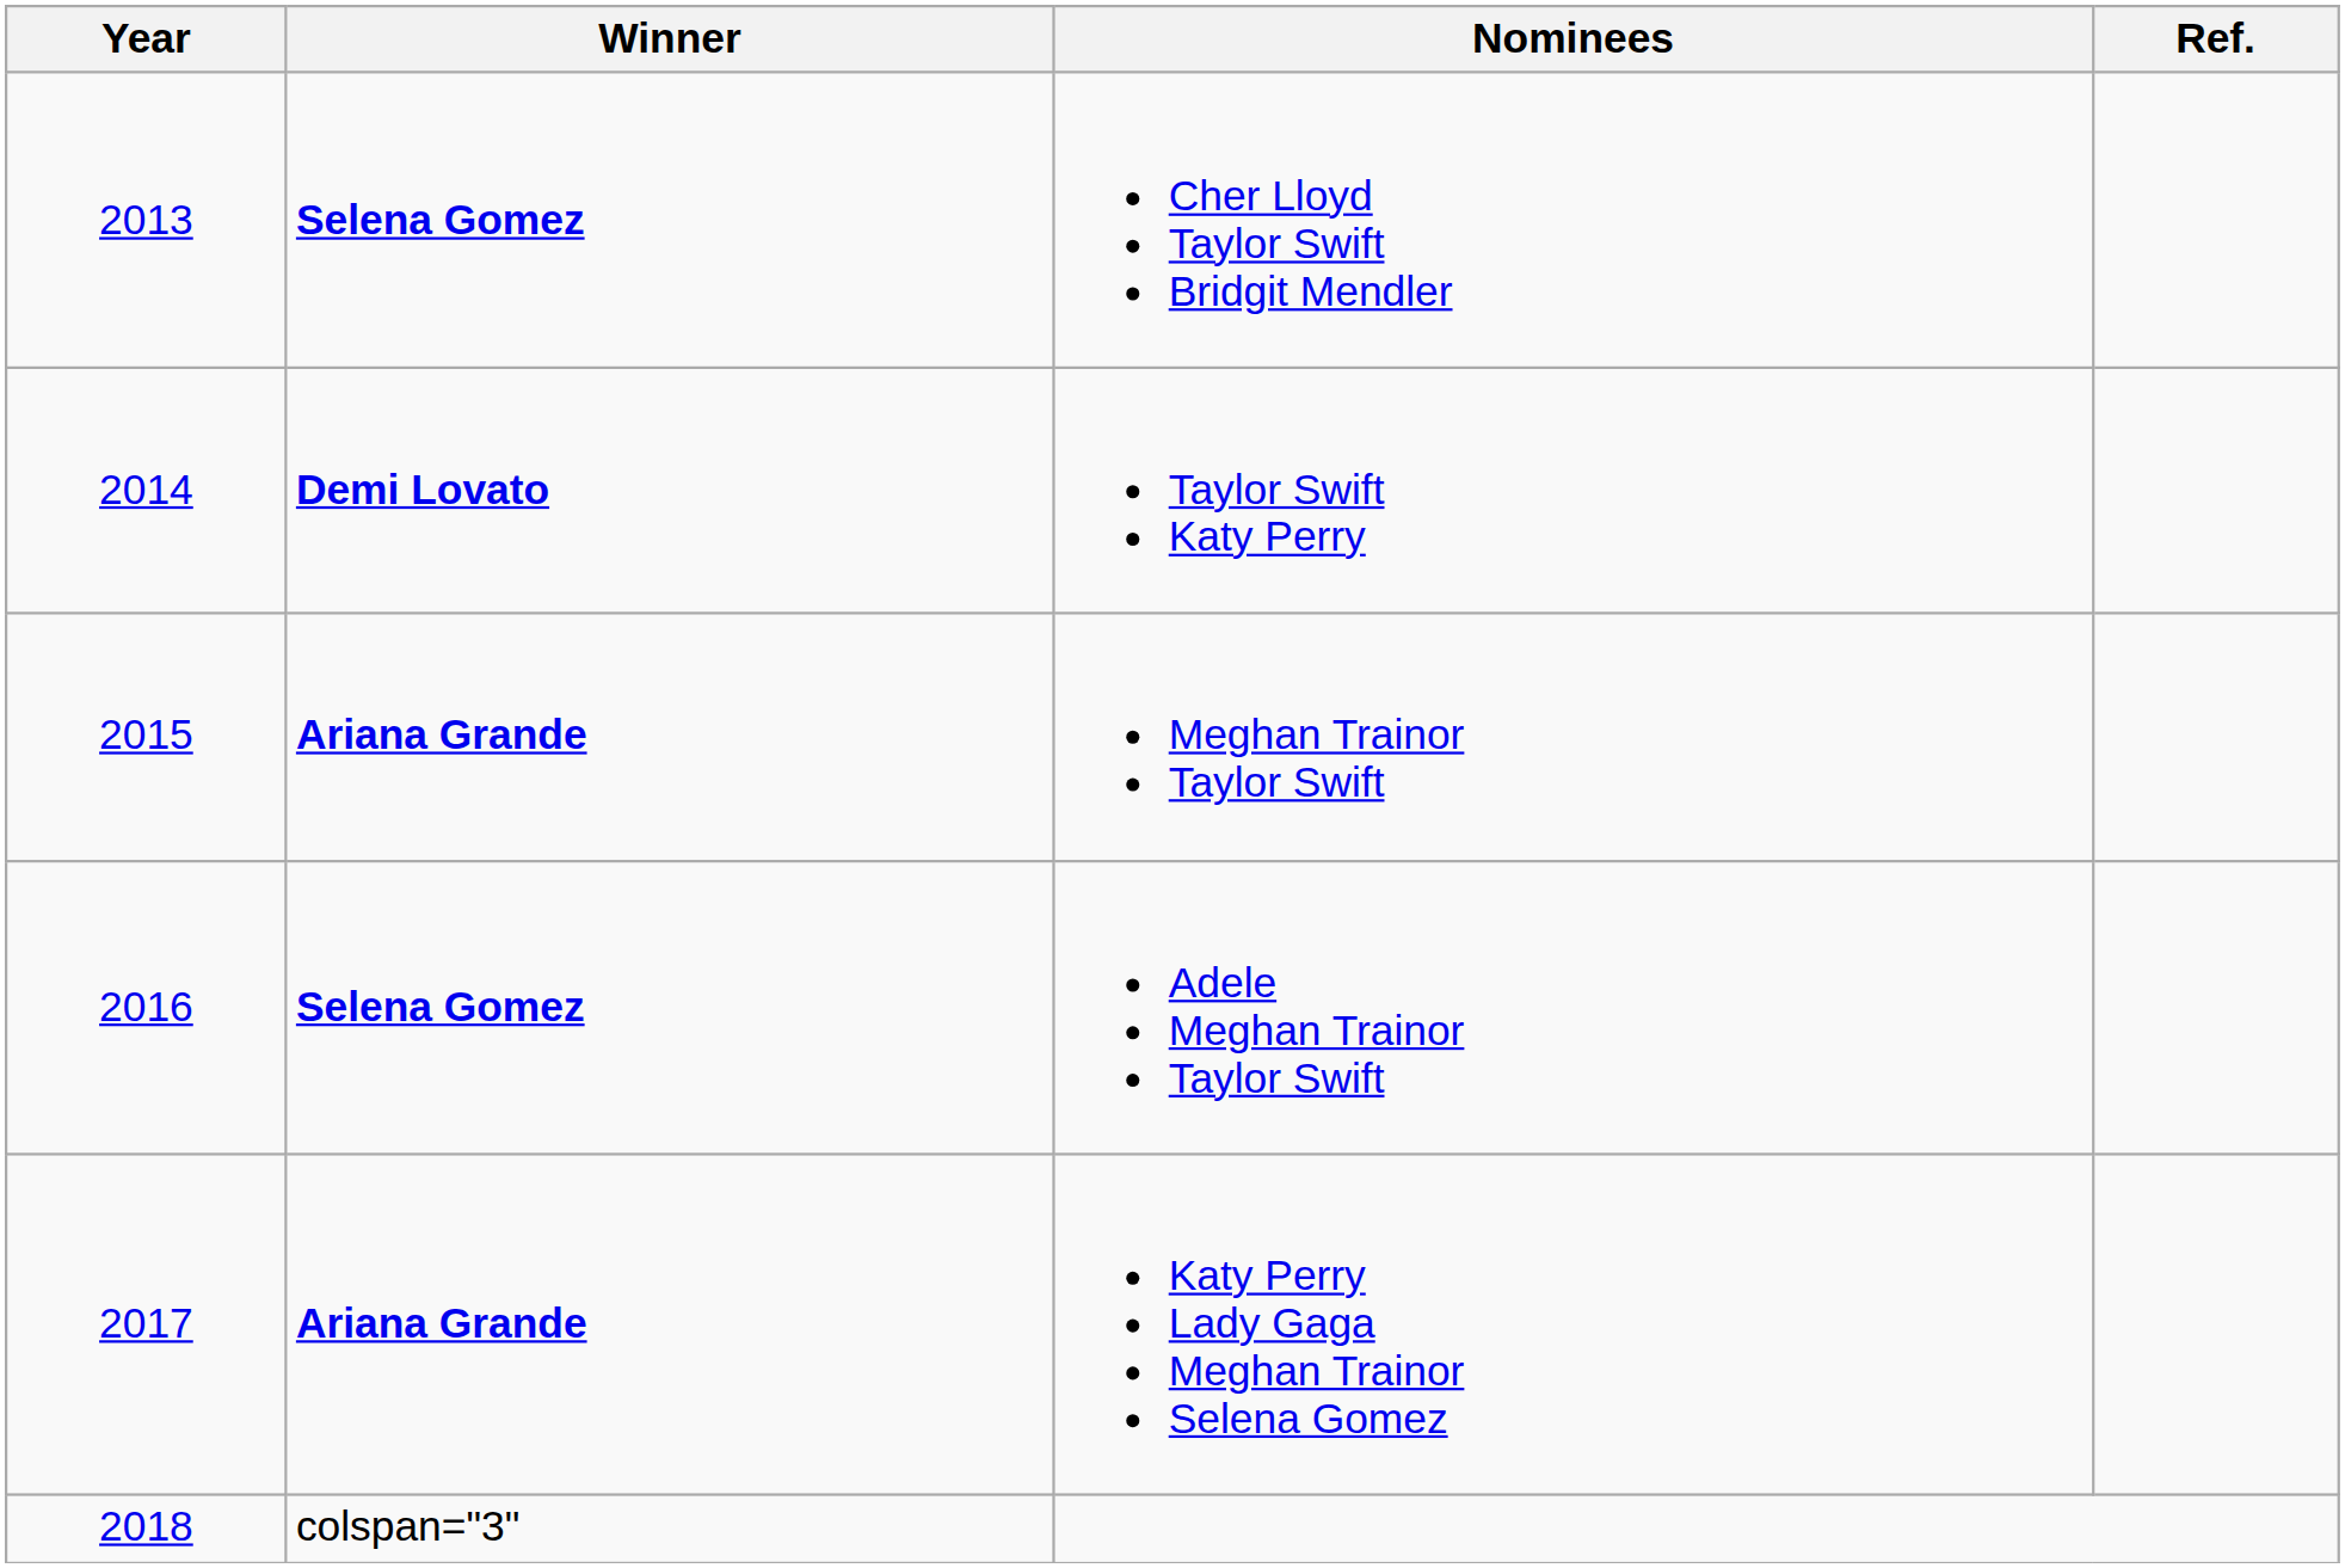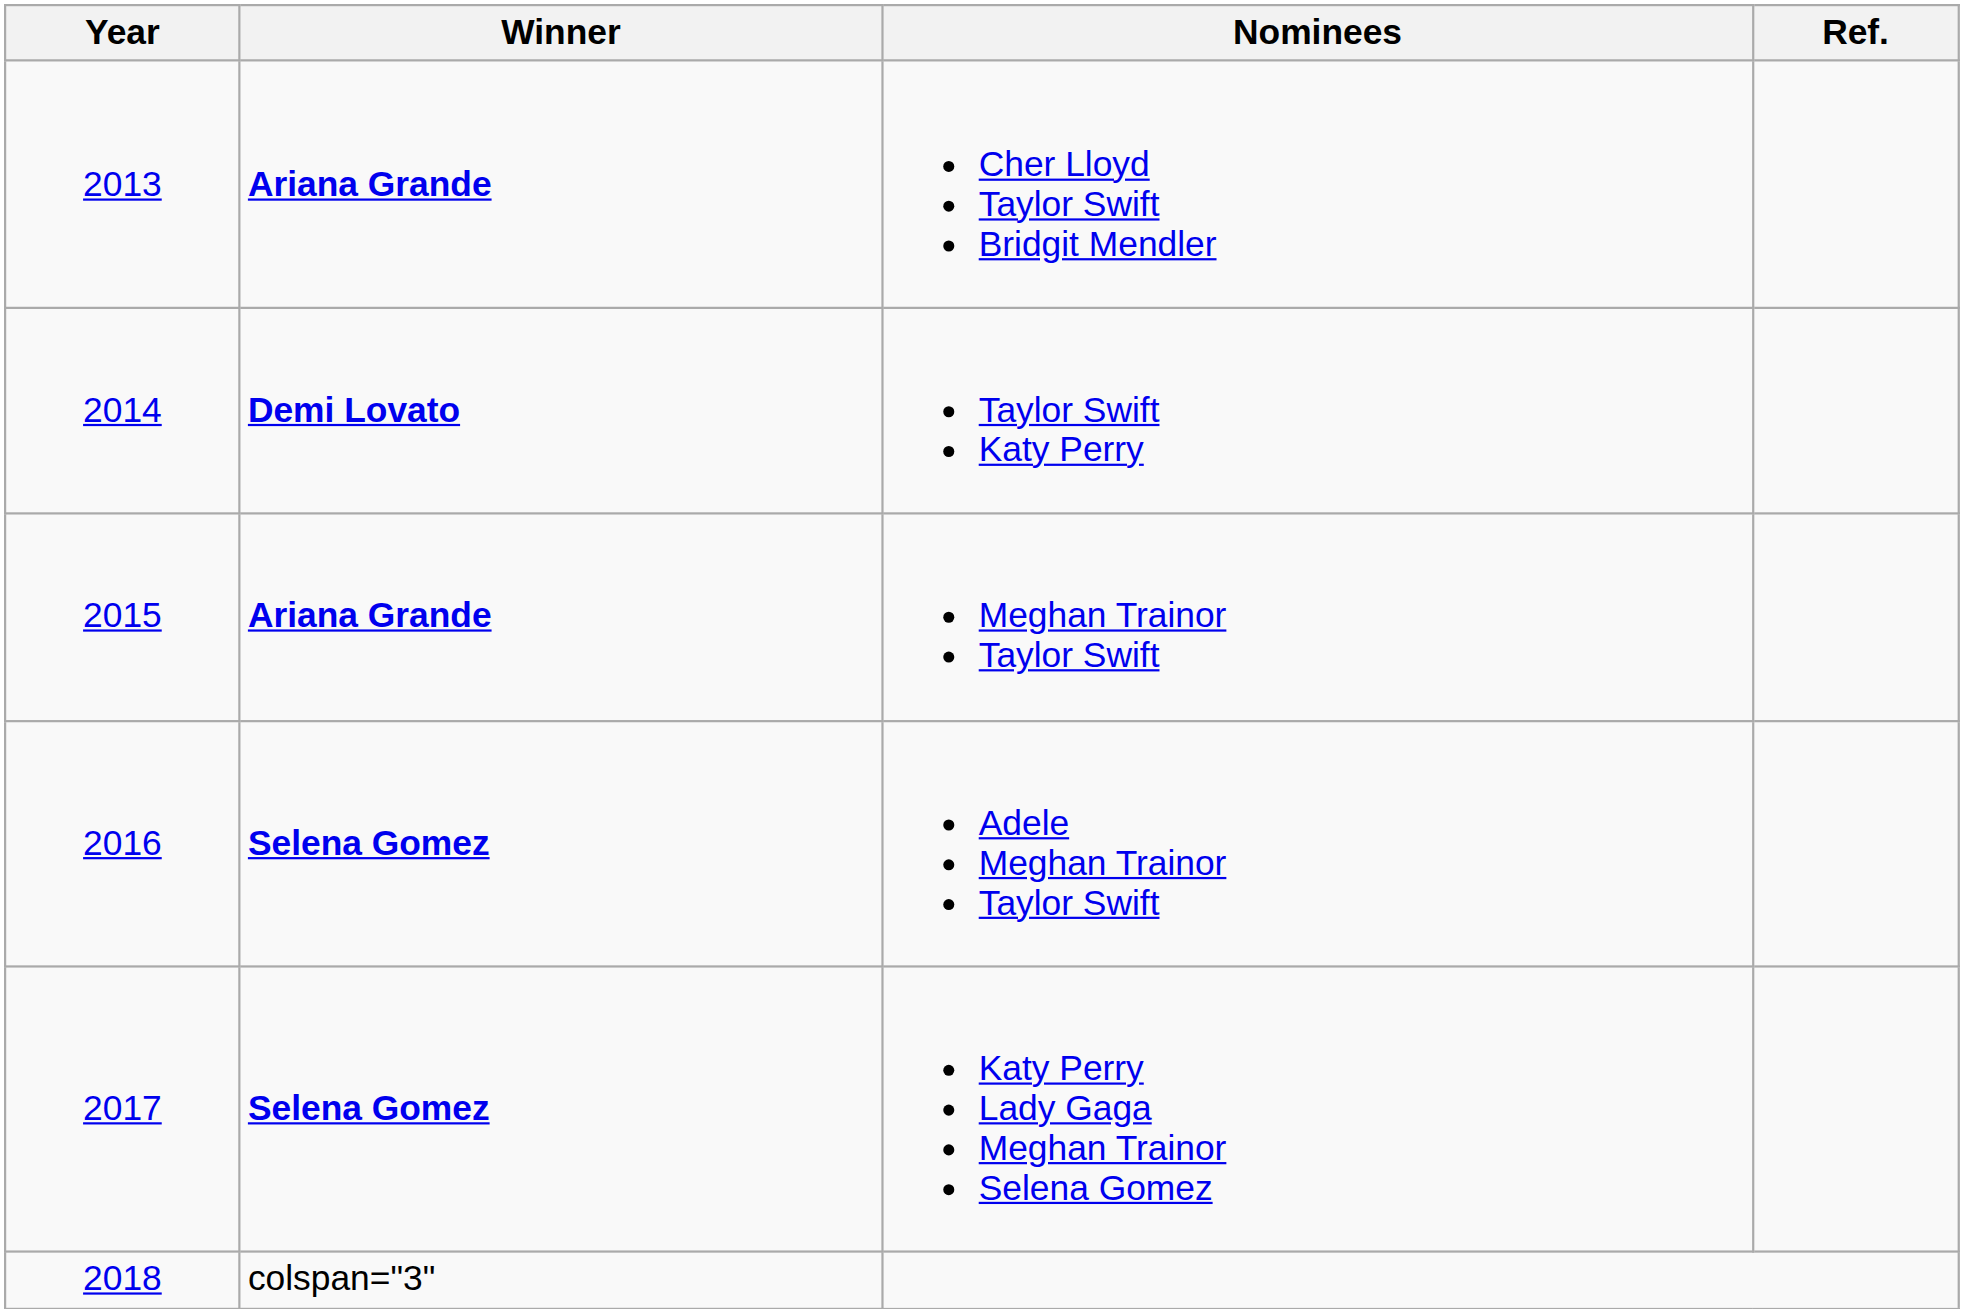 <table class="wikitable" width=70%>
 <tr>
 <th>Year</th>
 <th>Winner</th>
 <th>Nominees</th>
 <th>Ref.</th>
 </tr>
 <tr>
 <td align="center"><a href='#'>2013</a></td>
-<td><strong><a href='#'>Selena Gomez</a></strong></td>
+<td><strong><a href='#'>Ariana Grande</a></strong></td>
 <td><br><ul><li><a href='#'>Cher Lloyd</a></li><li><a href='#'>Taylor Swift</a></li><li><a href='#'>Bridgit Mendler</a></li></ul></td>
 <td align="center"></td>
 </tr>
 <tr>
 <td align="center"><a href='#'>2014</a></td>
 <td><strong><a href='#'>Demi Lovato</a></strong></td>
 <td><br><ul><li><a href='#'>Taylor Swift</a></li><li><a href='#'>Katy Perry</a></li></ul></td>
 <td align="center"></td>
 </tr>
 <tr>
 <td align="center"><a href='#'>2015</a></td>
 <td><strong><a href='#'>Ariana Grande</a></strong></td>
 <td><br><ul><li><a href='#'>Meghan Trainor</a></li><li><a href='#'>Taylor Swift</a></li></ul></td>
 <td align="center"></td>
 </tr>
 <tr>
 <td align="center"><a href='#'>2016</a></td>
 <td><strong><a href='#'>Selena Gomez</a></strong></td>
 <td><br><ul><li><a href='#'>Adele</a></li><li><a href='#'>Meghan Trainor</a></li><li><a href='#'>Taylor Swift</a></li></ul></td>
 <td align="center"></td>
 </tr>
 <tr>
 <td align="center"><a href='#'>2017</a></td>
-<td><strong><a href='#'>Ariana Grande</a></strong></td>
+<td><strong><a href='#'>Selena Gomez</a></strong></td>
 <td><br><ul><li><a href='#'>Katy Perry</a></li><li><a href='#'>Lady Gaga</a></li><li><a href='#'>Meghan Trainor</a></li><li><a href='#'>Selena Gomez</a></li></ul></td>
 <td></td>
 </tr>
 <tr>
 <td align="center"><a href='#'>2018</a></td>
 <td>colspan="3" </td>
 </tr>
 <tr>
 </tr>
 </table>
